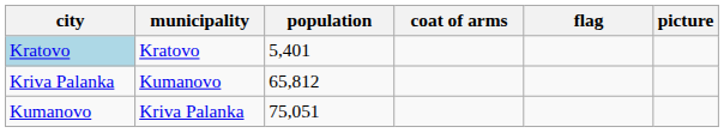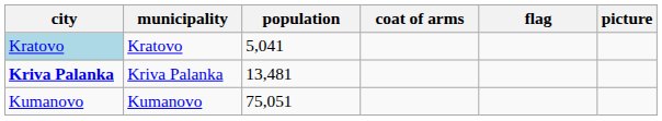 <table class="wikitable sortable" style="font-size:95%;">
 <tr>
 <th width="100px">city</th>
 <th width="100px">municipality</th>
 <th width="100px">population</th>
 <th width="100px">coat of arms</th>
 <th width="100px">flag</th>
 <th width="1o0px">picture</th>
 </tr>
 <tr>
 <td style="background: lightblue;"><a href='#'>Kratovo</a></td>
 <td><a href='#'>Kratovo</a></td>
-<td>5,401</td>
+<td>5,041</td>
 <td></td>
 <td></td>
 <td></td>
 </tr>
 <tr>
+<td><strong><a href='#'>Kriva Palanka</a></strong></td>
 <td><a href='#'>Kriva Palanka</a></td>
-<td><a href='#'>Kumanovo</a></td>
-<td>65,812</td>
+<td>13,481</td>
 <td></td>
 <td></td>
 <td></td>
 </tr>
 <tr>
 <td><a href='#'>Kumanovo</a></td>
-<td><a href='#'>Kriva Palanka</a></td>
+<td><a href='#'>Kumanovo</a></td>
 <td>75,051</td>
 <td></td>
 <td></td>
 <td></td>
 </tr>
 </table>
